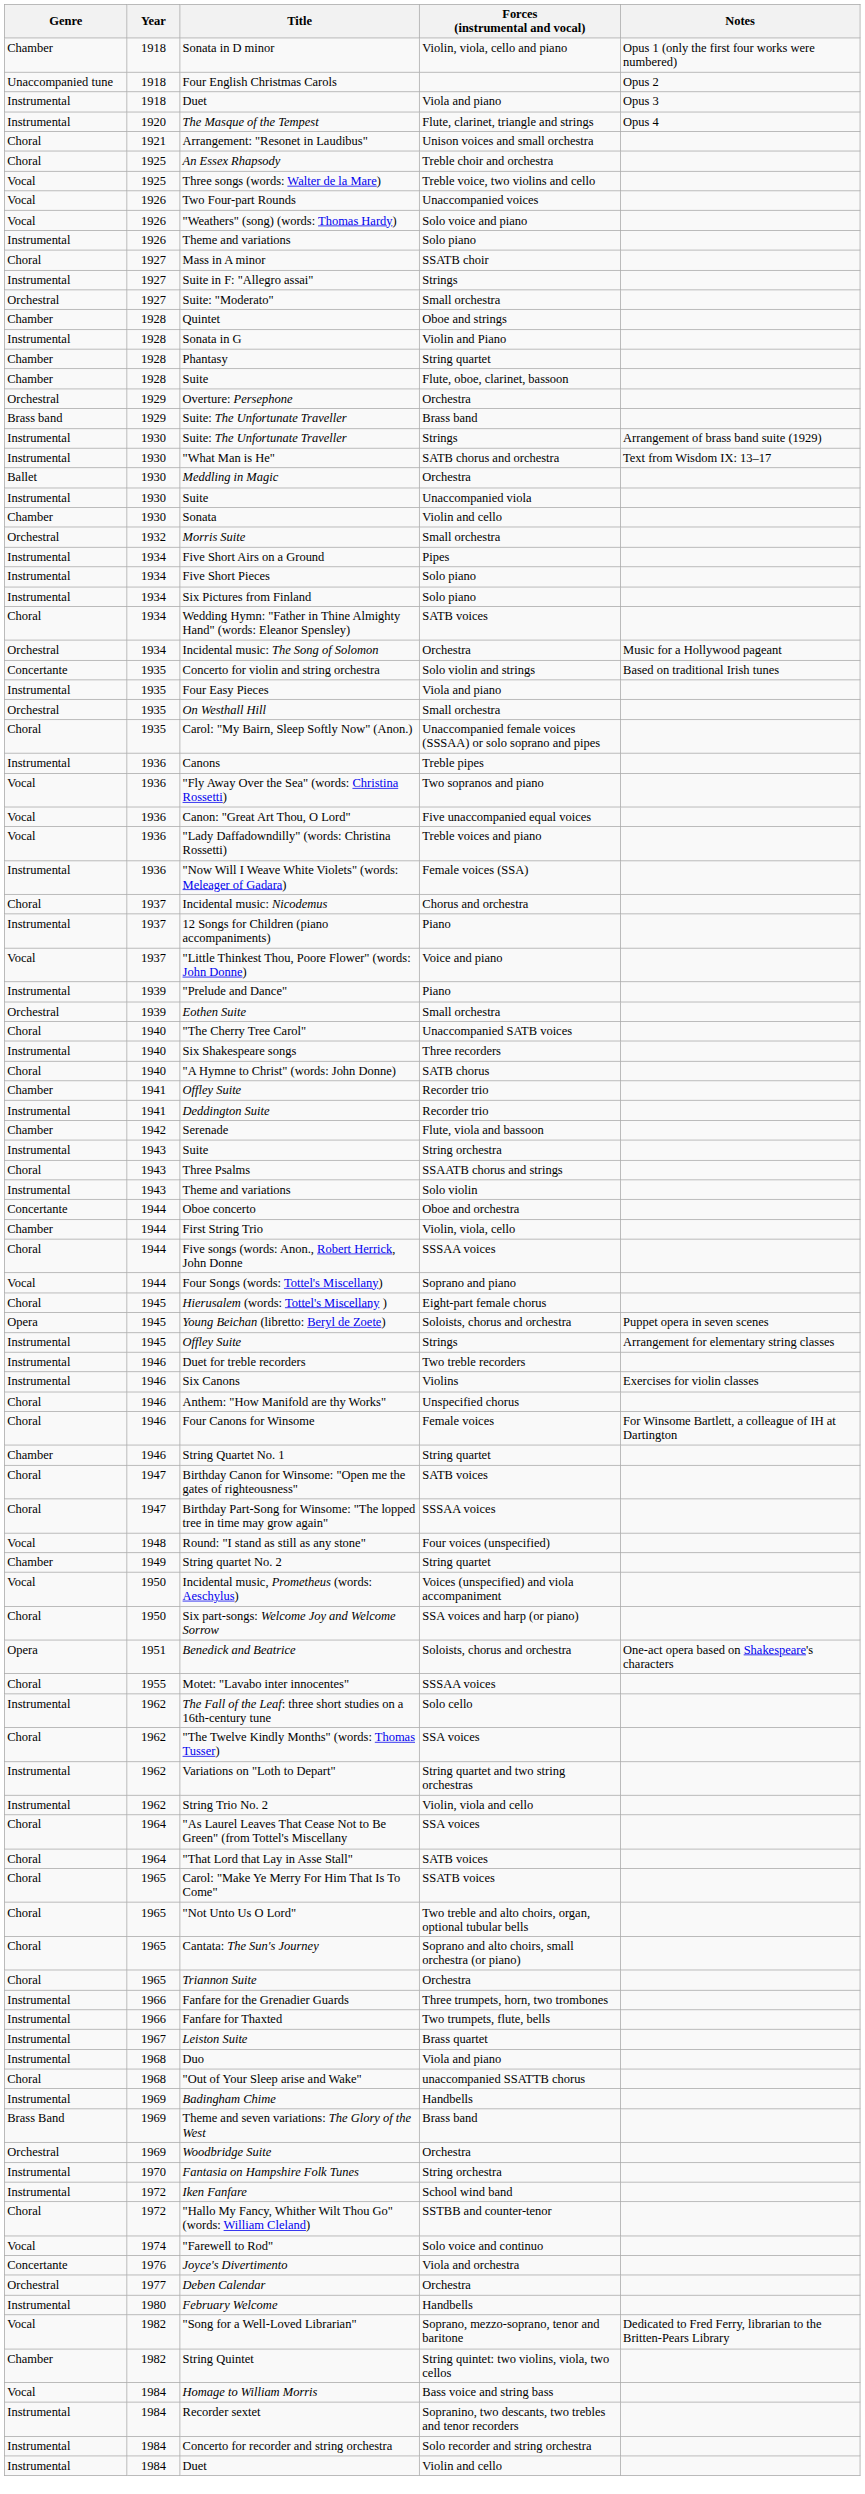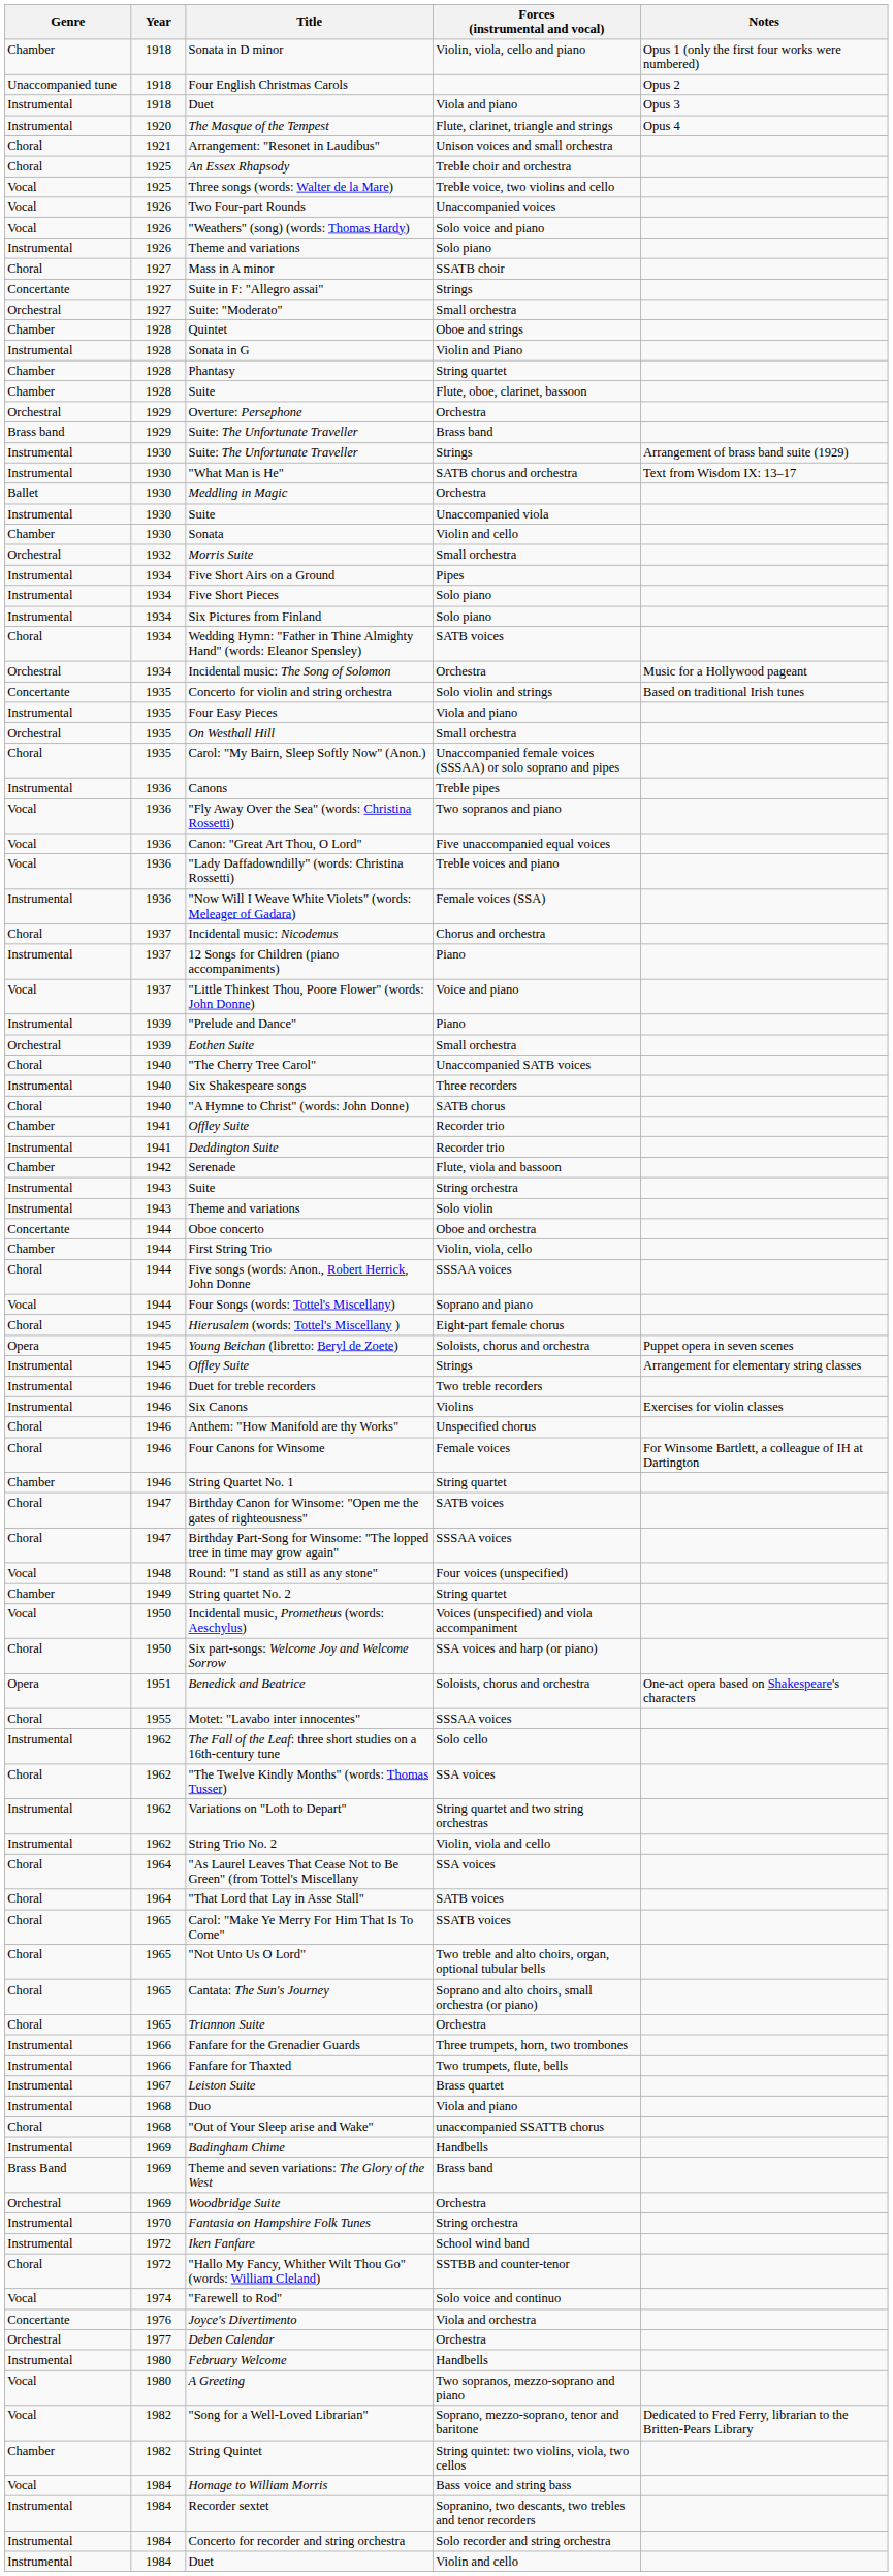 <table class="sortable wikitable" style="margins:auto; width=95%;">
 <tr>
 <th width="150">Genre</th>
 <th width="60">Year</th>
 <th width="300">Title</th>
 <th width="250">Forces<br>(instrumental and vocal)</th>
 <th width="300">Notes</th>
 </tr>
 <tr valign="top">
 <td>Chamber</td>
 <td align=center>1918</td>
 <td>Sonata in D minor</td>
 <td>Violin, viola, cello and piano</td>
 <td>Opus 1 (only the first four works were numbered)</td>
 </tr>
 <tr valign="top">
 <td>Unaccompanied tune</td>
 <td align=center>1918</td>
 <td>Four English Christmas Carols</td>
 <td></td>
 <td>Opus 2</td>
 </tr>
 <tr valign="top">
 <td>Instrumental</td>
 <td align=center>1918</td>
 <td>Duet</td>
 <td>Viola and piano</td>
 <td>Opus 3</td>
 </tr>
 <tr valign="top">
 <td>Instrumental</td>
 <td align=center>1920</td>
 <td><em>The Masque of the Tempest</em></td>
 <td>Flute, clarinet, triangle and strings</td>
 <td>Opus 4</td>
 </tr>
 <tr valign="top">
 <td>Choral</td>
 <td align=center>1921</td>
 <td>Arrangement: "Resonet in Laudibus"</td>
 <td>Unison voices and small orchestra</td>
 <td></td>
 </tr>
 <tr valign="top">
 <td>Choral</td>
 <td align=center>1925</td>
 <td><em>An Essex Rhapsody</em></td>
 <td>Treble choir and orchestra</td>
 <td></td>
 </tr>
 <tr valign="top">
 <td>Vocal</td>
 <td align=center>1925</td>
 <td>Three songs (words: <a href='#'>Walter de la Mare</a>)</td>
 <td>Treble voice, two violins and cello</td>
 <td></td>
 </tr>
 <tr valign="top">
 <td>Vocal</td>
 <td align=center>1926</td>
 <td>Two Four-part Rounds</td>
 <td>Unaccompanied voices</td>
 <td></td>
 </tr>
 <tr valign="top">
 <td>Vocal</td>
 <td align=center>1926</td>
 <td>"Weathers" (song) (words: <a href='#'>Thomas Hardy</a>)</td>
 <td>Solo voice and piano</td>
 <td></td>
 </tr>
 <tr valign="top">
 <td>Instrumental</td>
 <td align=center>1926</td>
 <td>Theme and variations</td>
 <td>Solo piano</td>
 <td></td>
 </tr>
 <tr valign="top">
 <td>Choral</td>
 <td align=center>1927</td>
 <td>Mass in A minor</td>
 <td>SSATB choir</td>
 <td></td>
 </tr>
 <tr valign="top">
-<td>Instrumental</td>
+<td>Concertante</td>
 <td align=center>1927</td>
 <td>Suite in F: "Allegro assai"</td>
 <td>Strings</td>
 <td></td>
 </tr>
 <tr valign="top">
 <td>Orchestral</td>
 <td align=center>1927</td>
 <td>Suite: "Moderato"</td>
 <td>Small orchestra</td>
 <td></td>
 </tr>
 <tr valign="top">
 <td>Chamber</td>
 <td align=center>1928</td>
 <td>Quintet</td>
 <td>Oboe and strings</td>
 <td></td>
 </tr>
 <tr valign="top">
 <td>Instrumental</td>
 <td align=center>1928</td>
 <td>Sonata in G</td>
 <td>Violin and Piano</td>
 <td></td>
 </tr>
 <tr valign="top">
 <td>Chamber</td>
 <td align=center>1928</td>
 <td>Phantasy</td>
 <td>String quartet</td>
 </tr>
 <tr valign="top">
 <td>Chamber</td>
 <td align=center>1928</td>
 <td>Suite</td>
 <td>Flute, oboe, clarinet, bassoon</td>
 <td></td>
 </tr>
 <tr valign="top">
 <td>Orchestral</td>
 <td align=center>1929</td>
 <td>Overture: <em>Persephone</em></td>
 <td>Orchestra</td>
 <td></td>
 </tr>
 <tr valign="top">
 <td>Brass band</td>
 <td align=center>1929</td>
 <td>Suite: <em>The Unfortunate Traveller</em></td>
 <td>Brass band</td>
 <td></td>
 </tr>
 <tr valign="top">
 <td>Instrumental</td>
 <td align=center>1930</td>
 <td>Suite: <em>The Unfortunate Traveller</em></td>
 <td>Strings</td>
 <td>Arrangement of brass band suite (1929)</td>
 </tr>
 <tr valign="top">
 <td>Instrumental</td>
 <td align=center>1930</td>
 <td>"What Man is He"</td>
 <td>SATB chorus and orchestra</td>
 <td>Text from Wisdom IX: 13–17</td>
 </tr>
 <tr valign="top">
 <td>Ballet</td>
 <td align=center>1930</td>
 <td><em>Meddling in Magic</em></td>
 <td>Orchestra</td>
 <td></td>
 </tr>
 <tr valign="top">
 <td>Instrumental</td>
 <td align=center>1930</td>
 <td>Suite</td>
 <td>Unaccompanied viola</td>
 <td></td>
 </tr>
 <tr valign="top">
 <td>Chamber</td>
 <td align=center>1930</td>
 <td>Sonata</td>
 <td>Violin and cello</td>
 <td></td>
 </tr>
 <tr valign="top">
 <td>Orchestral</td>
 <td align=center>1932</td>
 <td><em>Morris Suite</em></td>
 <td>Small orchestra</td>
 <td></td>
 </tr>
 <tr valign="top">
 <td>Instrumental</td>
 <td align=center>1934</td>
 <td>Five Short Airs on a Ground</td>
 <td>Pipes</td>
 <td></td>
 </tr>
 <tr valign="top">
 <td>Instrumental</td>
 <td align=center>1934</td>
 <td>Five Short Pieces</td>
 <td>Solo piano</td>
 <td></td>
 </tr>
 <tr valign="top">
 <td>Instrumental</td>
 <td align=center>1934</td>
 <td>Six Pictures from Finland</td>
 <td>Solo piano</td>
 <td></td>
 </tr>
 <tr valign="top">
 <td>Choral</td>
 <td align=center>1934</td>
 <td>Wedding Hymn: "Father in Thine Almighty Hand" (words: Eleanor Spensley)</td>
 <td>SATB voices</td>
 <td></td>
 </tr>
 <tr valign="top">
 <td>Orchestral</td>
 <td align=center>1934</td>
 <td>Incidental music: <em>The Song of Solomon</em></td>
 <td>Orchestra</td>
 <td>Music for a Hollywood pageant</td>
 </tr>
 <tr valign="top">
 <td>Concertante</td>
 <td align=center>1935</td>
 <td>Concerto for violin and string orchestra</td>
 <td>Solo violin and strings</td>
 <td>Based on traditional Irish tunes</td>
 </tr>
 <tr valign="top">
 <td>Instrumental</td>
 <td align=center>1935</td>
 <td>Four Easy Pieces</td>
 <td>Viola and piano</td>
 <td></td>
 </tr>
 <tr valign="top">
 <td>Orchestral</td>
 <td align=center>1935</td>
 <td><em>On Westhall Hill</em></td>
 <td>Small orchestra</td>
 <td></td>
 </tr>
 <tr valign="top">
 <td>Choral</td>
 <td align=center>1935</td>
 <td>Carol: "My Bairn, Sleep Softly Now" (Anon.)</td>
 <td>Unaccompanied female voices (SSSAA) or solo soprano and pipes</td>
 </tr>
 <tr valign="top">
 <td>Instrumental</td>
 <td align=center>1936</td>
 <td>Canons</td>
 <td>Treble pipes</td>
 <td></td>
 </tr>
 <tr valign="top">
 <td>Vocal</td>
 <td align=center>1936</td>
 <td>"Fly Away Over the Sea" (words: <a href='#'>Christina Rossetti</a>)</td>
 <td>Two sopranos and piano</td>
 <td></td>
 </tr>
 <tr valign="top">
 <td>Vocal</td>
 <td align=center>1936</td>
 <td>Canon: "Great Art Thou, O Lord"</td>
 <td>Five unaccompanied equal voices</td>
 <td></td>
 </tr>
 <tr valign="top">
 <td>Vocal</td>
 <td align=center>1936</td>
 <td>"Lady Daffadowndilly" (words: Christina Rossetti)</td>
 <td>Treble voices and piano</td>
 <td></td>
 </tr>
 <tr valign="top">
 <td>Instrumental</td>
 <td align=center>1936</td>
 <td>"Now Will I Weave White Violets" (words: <a href='#'>Meleager of Gadara</a>)</td>
 <td>Female voices (SSA)</td>
 <td></td>
 </tr>
 <tr valign="top">
 <td>Choral</td>
 <td align=center>1937</td>
 <td>Incidental music: <em>Nicodemus</em></td>
 <td>Chorus and orchestra</td>
 <td></td>
 </tr>
 <tr valign="top">
 <td>Instrumental</td>
 <td align=center>1937</td>
 <td>12 Songs for Children (piano accompaniments)</td>
 <td>Piano</td>
 <td></td>
 </tr>
 <tr valign="top">
 <td>Vocal</td>
 <td align=center>1937</td>
 <td>"Little Thinkest Thou, Poore Flower" (words: <a href='#'>John Donne</a>)</td>
 <td>Voice and piano</td>
 <td></td>
 </tr>
 <tr valign="top">
 <td>Instrumental</td>
 <td align=center>1939</td>
 <td>"Prelude and Dance"</td>
 <td>Piano</td>
 <td></td>
 </tr>
 <tr valign="top">
 <td>Orchestral</td>
 <td align=center>1939</td>
 <td><em>Eothen Suite</em></td>
 <td>Small orchestra</td>
 <td></td>
 </tr>
 <tr valign="top">
 <td>Choral</td>
 <td align=center>1940</td>
 <td>"The Cherry Tree Carol"</td>
 <td>Unaccompanied SATB voices</td>
 <td></td>
 </tr>
 <tr valign="top">
 <td>Instrumental</td>
 <td align=center>1940</td>
 <td>Six Shakespeare songs</td>
 <td>Three recorders</td>
 <td></td>
 </tr>
 <tr valign="top">
 <td>Choral</td>
 <td align=center>1940</td>
 <td>"A Hymne to Christ" (words: John Donne)</td>
 <td>SATB chorus</td>
 <td></td>
 </tr>
 <tr valign="top">
 <td>Chamber</td>
 <td align=center>1941</td>
 <td><em>Offley Suite</em></td>
 <td>Recorder trio</td>
 <td></td>
 </tr>
 <tr valign="top">
 <td>Instrumental</td>
 <td align=center>1941</td>
 <td><em>Deddington Suite</em></td>
 <td>Recorder trio</td>
 <td></td>
 </tr>
 <tr valign="top">
 <td>Chamber</td>
 <td align=center>1942</td>
 <td>Serenade</td>
 <td>Flute, viola and bassoon</td>
 <td></td>
 </tr>
 <tr valign="top">
 <td>Instrumental</td>
 <td align=center>1943</td>
 <td>Suite</td>
 <td>String orchestra</td>
-<td></td>
-</tr>
-<tr valign="top">
-<td>Choral</td>
-<td align=center>1943</td>
-<td>Three Psalms</td>
-<td>SSAATB chorus and strings</td>
 <td></td>
 </tr>
 <tr valign="top">
 <td>Instrumental</td>
 <td align=center>1943</td>
 <td>Theme and variations</td>
 <td>Solo violin</td>
 <td></td>
 </tr>
 <tr valign="top">
 <td>Concertante</td>
 <td align=center>1944</td>
 <td>Oboe concerto</td>
 <td>Oboe and orchestra</td>
 <td></td>
 </tr>
 <tr valign="top">
 <td>Chamber</td>
 <td align=center>1944</td>
 <td>First String Trio</td>
 <td>Violin, viola, cello</td>
 <td></td>
 </tr>
 <tr valign="top">
 <td>Choral</td>
 <td align=center>1944</td>
 <td>Five songs (words: Anon., <a href='#'>Robert Herrick</a>, John Donne</td>
 <td>SSSAA voices</td>
 <td></td>
 </tr>
 <tr valign="top">
 <td>Vocal</td>
 <td align=center>1944</td>
 <td>Four Songs (words: <a href='#'>Tottel's Miscellany</a>)</td>
 <td>Soprano and piano</td>
 <td></td>
 </tr>
 <tr valign="top">
 <td>Choral</td>
 <td align=center>1945</td>
 <td><em>Hierusalem</em> (words: <a href='#'>Tottel's Miscellany</a> )</td>
 <td>Eight-part female chorus</td>
 <td></td>
 </tr>
 <tr valign="top">
 <td>Opera</td>
 <td align=center>1945</td>
 <td><em>Young Beichan</em> (libretto: <a href='#'>Beryl de Zoete</a>)</td>
 <td>Soloists, chorus and orchestra</td>
 <td>Puppet opera in seven scenes</td>
 </tr>
 <tr valign="top">
 <td>Instrumental</td>
 <td align=center>1945</td>
 <td><em>Offley Suite</em></td>
 <td>Strings</td>
 <td>Arrangement for elementary string classes</td>
 </tr>
 <tr valign="top">
 <td>Instrumental</td>
 <td align=center>1946</td>
 <td>Duet for treble recorders</td>
 <td>Two treble recorders</td>
 <td></td>
 </tr>
 <tr valign="top">
 <td>Instrumental</td>
 <td align=center>1946</td>
 <td>Six Canons</td>
 <td>Violins</td>
 <td>Exercises for violin classes</td>
 </tr>
 <tr valign="top">
 <td>Choral</td>
 <td align=center>1946</td>
 <td>Anthem: "How Manifold are thy Works"</td>
 <td>Unspecified chorus</td>
 <td></td>
 </tr>
 <tr valign="top">
 <td>Choral</td>
 <td align=center>1946</td>
 <td>Four Canons for Winsome</td>
 <td>Female voices</td>
 <td>For Winsome Bartlett, a colleague of IH at Dartington</td>
 </tr>
 <tr valign="top">
 <td>Chamber</td>
 <td align=center>1946</td>
 <td>String Quartet No. 1</td>
 <td>String quartet</td>
 <td></td>
 </tr>
 <tr valign="top">
 <td>Choral</td>
 <td align=center>1947</td>
 <td>Birthday Canon for Winsome: "Open me the gates of righteousness"</td>
 <td>SATB voices</td>
 <td></td>
 </tr>
 <tr valign="top">
 <td>Choral</td>
 <td align=center>1947</td>
 <td>Birthday Part-Song for Winsome: "The lopped tree in time may grow again"</td>
 <td>SSSAA voices</td>
 <td></td>
 </tr>
 <tr valign="top">
 <td>Vocal</td>
 <td align=center>1948</td>
 <td>Round: "I stand as still as any stone"</td>
 <td>Four voices (unspecified)</td>
 <td></td>
 </tr>
 <tr valign="top">
 <td>Chamber</td>
 <td align=center>1949</td>
 <td>String quartet No. 2</td>
 <td>String quartet</td>
 <td></td>
 </tr>
 <tr valign="top">
 <td>Vocal</td>
 <td align=center>1950</td>
 <td>Incidental music, <em>Prometheus</em> (words: <a href='#'>Aeschylus</a>)</td>
 <td>Voices (unspecified) and viola accompaniment</td>
 <td></td>
 </tr>
 <tr valign="top">
 <td>Choral</td>
 <td align=center>1950</td>
 <td>Six part-songs: <em>Welcome Joy and Welcome Sorrow</em></td>
 <td>SSA voices and harp (or piano)</td>
 <td></td>
 </tr>
 <tr valign="top">
 <td>Opera</td>
 <td align=center>1951</td>
 <td><em>Benedick and Beatrice</em></td>
 <td>Soloists, chorus and orchestra</td>
 <td>One-act opera based on <a href='#'>Shakespeare</a>'s characters</td>
 </tr>
 <tr valign="top">
 <td>Choral</td>
 <td align=center>1955</td>
 <td>Motet: "Lavabo inter innocentes"</td>
 <td>SSSAA voices</td>
 <td></td>
 </tr>
 <tr valign="top">
 <td>Instrumental</td>
 <td align=center>1962</td>
 <td><em>The Fall of the Leaf</em>: three short studies on a 16th-century tune</td>
 <td>Solo cello</td>
 <td></td>
 </tr>
 <tr valign="top">
 <td>Choral</td>
 <td align=center>1962</td>
 <td>"The Twelve Kindly Months" (words: <a href='#'>Thomas Tusser</a>)</td>
 <td>SSA voices</td>
 <td></td>
 </tr>
 <tr valign="top">
 <td>Instrumental</td>
 <td align=center>1962</td>
 <td>Variations on "Loth to Depart"</td>
 <td>String quartet and two string orchestras</td>
 <td></td>
 </tr>
 <tr valign="top">
 <td>Instrumental</td>
 <td align=center>1962</td>
 <td>String Trio No. 2</td>
 <td>Violin, viola and cello</td>
 <td></td>
 </tr>
 <tr valign="top">
 <td>Choral</td>
 <td align=center>1964</td>
 <td>"As Laurel Leaves That Cease Not to Be Green" (from Tottel's Miscellany</td>
 <td>SSA voices</td>
 <td></td>
 </tr>
 <tr valign="top">
 <td>Choral</td>
 <td align=center>1964</td>
 <td>"That Lord that Lay in Asse Stall"</td>
 <td>SATB voices</td>
 <td></td>
 </tr>
 <tr valign="top">
 <td>Choral</td>
 <td align=center>1965</td>
 <td>Carol: "Make Ye Merry For Him That Is To Come"</td>
 <td>SSATB voices</td>
 <td></td>
 </tr>
 <tr valign="top">
 <td>Choral</td>
 <td align=center>1965</td>
 <td>"Not Unto Us O Lord"</td>
 <td>Two treble and alto choirs, organ, optional tubular bells</td>
 <td></td>
 </tr>
 <tr valign="top">
 <td>Choral</td>
 <td align=center>1965</td>
 <td>Cantata: <em>The Sun's Journey</em></td>
 <td>Soprano and alto choirs, small orchestra (or piano)</td>
 <td></td>
 </tr>
 <tr valign="top">
 <td>Choral</td>
 <td align=center>1965</td>
 <td><em>Triannon Suite</em></td>
 <td>Orchestra</td>
 <td></td>
 </tr>
 <tr valign="top">
 <td>Instrumental</td>
 <td align=center>1966</td>
 <td>Fanfare for the Grenadier Guards</td>
 <td>Three trumpets, horn, two trombones</td>
 <td></td>
 </tr>
 <tr valign="top">
 <td>Instrumental</td>
 <td align=center>1966</td>
 <td>Fanfare for Thaxted</td>
 <td>Two trumpets, flute, bells</td>
 <td></td>
 </tr>
 <tr valign="top">
 <td>Instrumental</td>
 <td align=center>1967</td>
 <td><em>Leiston Suite</em></td>
 <td>Brass quartet</td>
 <td></td>
 </tr>
 <tr valign="top">
 <td>Instrumental</td>
 <td align=center>1968</td>
 <td>Duo</td>
 <td>Viola and piano</td>
 <td></td>
 </tr>
 <tr valign="top">
 <td>Choral</td>
 <td align=center>1968</td>
 <td>"Out of Your Sleep arise and Wake"</td>
 <td>unaccompanied SSATTB chorus</td>
 <td></td>
 </tr>
 <tr valign="top">
 <td>Instrumental</td>
 <td align=center>1969</td>
 <td><em>Badingham Chime</em></td>
 <td>Handbells</td>
 <td></td>
 </tr>
 <tr valign="top">
 <td>Brass Band</td>
 <td align=center>1969</td>
 <td>Theme and seven variations: <em>The Glory of the West</em></td>
 <td>Brass band</td>
 <td></td>
 </tr>
 <tr valign="top">
 <td>Orchestral</td>
 <td align=center>1969</td>
 <td><em>Woodbridge Suite</em></td>
 <td>Orchestra</td>
 <td></td>
 </tr>
 <tr valign="top">
 <td>Instrumental</td>
 <td align=center>1970</td>
 <td><em>Fantasia on Hampshire Folk Tunes</em></td>
 <td>String orchestra</td>
 <td></td>
 </tr>
 <tr valign="top">
 <td>Instrumental</td>
 <td align=center>1972</td>
 <td><em>Iken Fanfare</em></td>
 <td>School wind band</td>
 <td></td>
 </tr>
 <tr valign="top">
 <td>Choral</td>
 <td align=center>1972</td>
 <td>"Hallo My Fancy, Whither Wilt Thou Go" (words: <a href='#'>William Cleland</a>)</td>
 <td>SSTBB and counter-tenor</td>
 <td></td>
 </tr>
 <tr valign="top">
 <td>Vocal</td>
 <td align=center>1974</td>
 <td>"Farewell to Rod"</td>
 <td>Solo voice and continuo</td>
 <td></td>
 </tr>
 <tr valign="top">
 <td>Concertante</td>
 <td align=center>1976</td>
 <td><em>Joyce's Divertimento</em></td>
 <td>Viola and orchestra</td>
 <td></td>
 </tr>
 <tr valign="top">
 <td>Orchestral</td>
 <td align=center>1977</td>
 <td><em>Deben Calendar</em></td>
 <td>Orchestra</td>
 <td></td>
 </tr>
 <tr valign="top">
 <td>Instrumental</td>
 <td align=center>1980</td>
 <td><em>February Welcome</em></td>
 <td>Handbells</td>
 <td></td>
 </tr>
 <tr valign="top">
 <td>Vocal</td>
+<td align=center>1980</td>
+<td><em>A Greeting</em></td>
+<td>Two sopranos, mezzo-soprano and piano</td>
+<td></td>
+</tr>
+<tr valign="top">
+<td>Vocal</td>
 <td align=center>1982</td>
 <td>"Song for a Well-Loved Librarian"</td>
 <td>Soprano, mezzo-soprano, tenor and baritone</td>
 <td>Dedicated to Fred Ferry, librarian to the Britten-Pears Library</td>
 </tr>
 <tr valign="top">
 <td>Chamber</td>
 <td align=center>1982</td>
 <td>String Quintet</td>
 <td>String quintet: two violins, viola, two cellos</td>
 <td></td>
 </tr>
 <tr valign="top">
 <td>Vocal</td>
 <td align=center>1984</td>
 <td><em>Homage to William Morris</em></td>
 <td>Bass voice and string bass</td>
 <td></td>
 </tr>
 <tr valign="top">
 <td>Instrumental</td>
 <td align=center>1984</td>
 <td>Recorder sextet</td>
 <td>Sopranino, two descants, two trebles and tenor recorders</td>
 <td></td>
 </tr>
 <tr valign="top">
 <td>Instrumental</td>
 <td align=center>1984</td>
 <td>Concerto for recorder and string orchestra</td>
 <td>Solo recorder and string orchestra</td>
 <td></td>
 </tr>
 <tr valign="top">
 <td>Instrumental</td>
 <td align=center>1984</td>
 <td>Duet</td>
 <td>Violin and cello</td>
 <td></td>
 </tr>
 </table>
